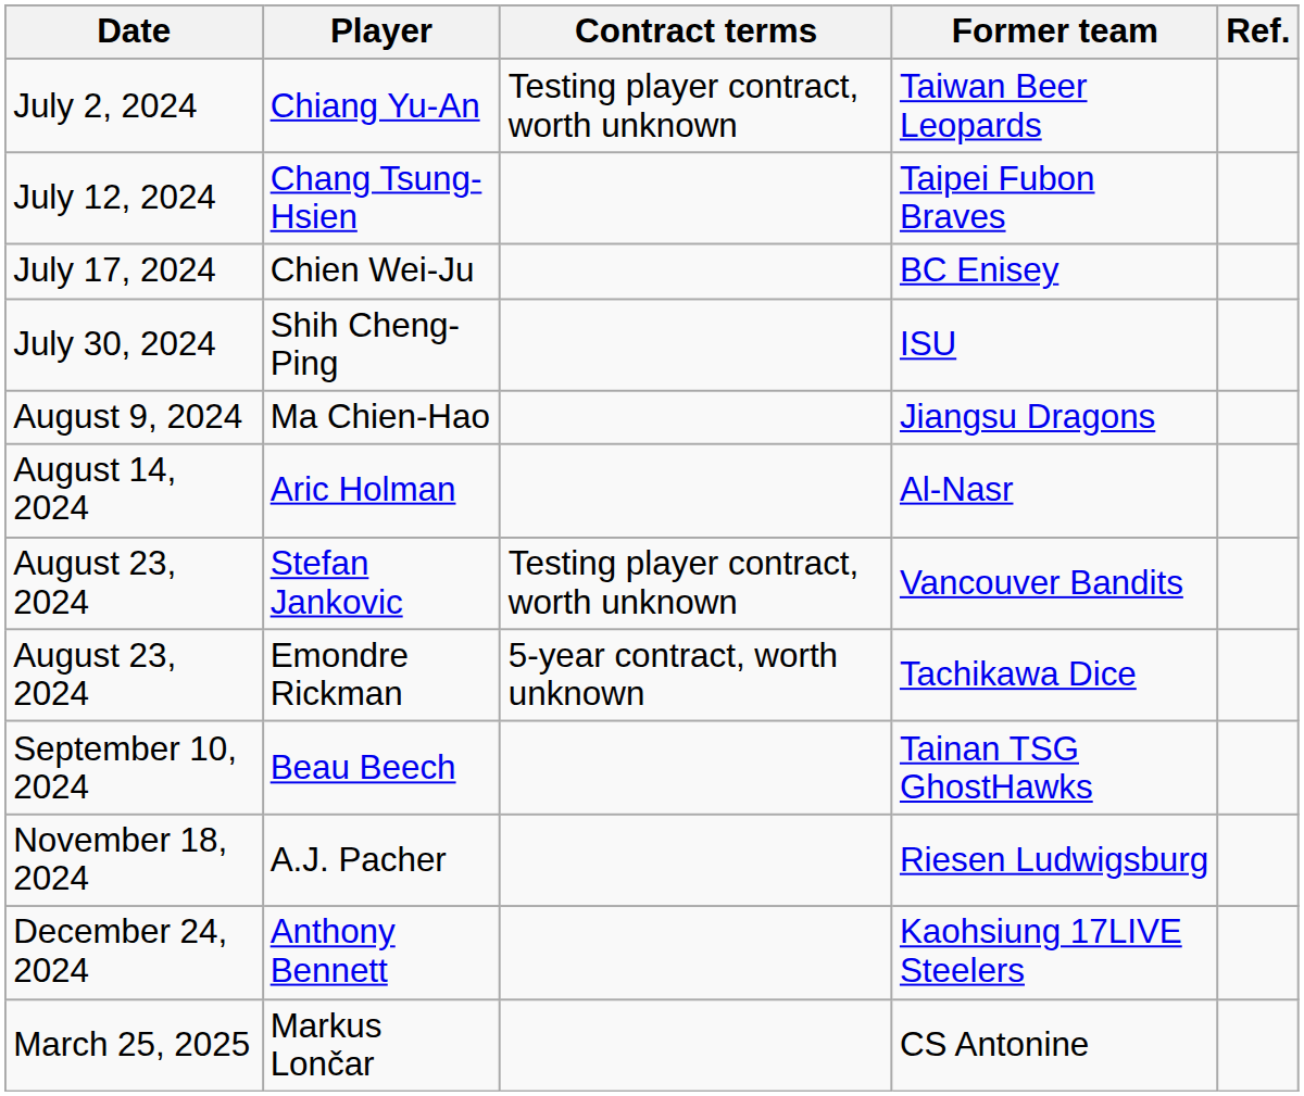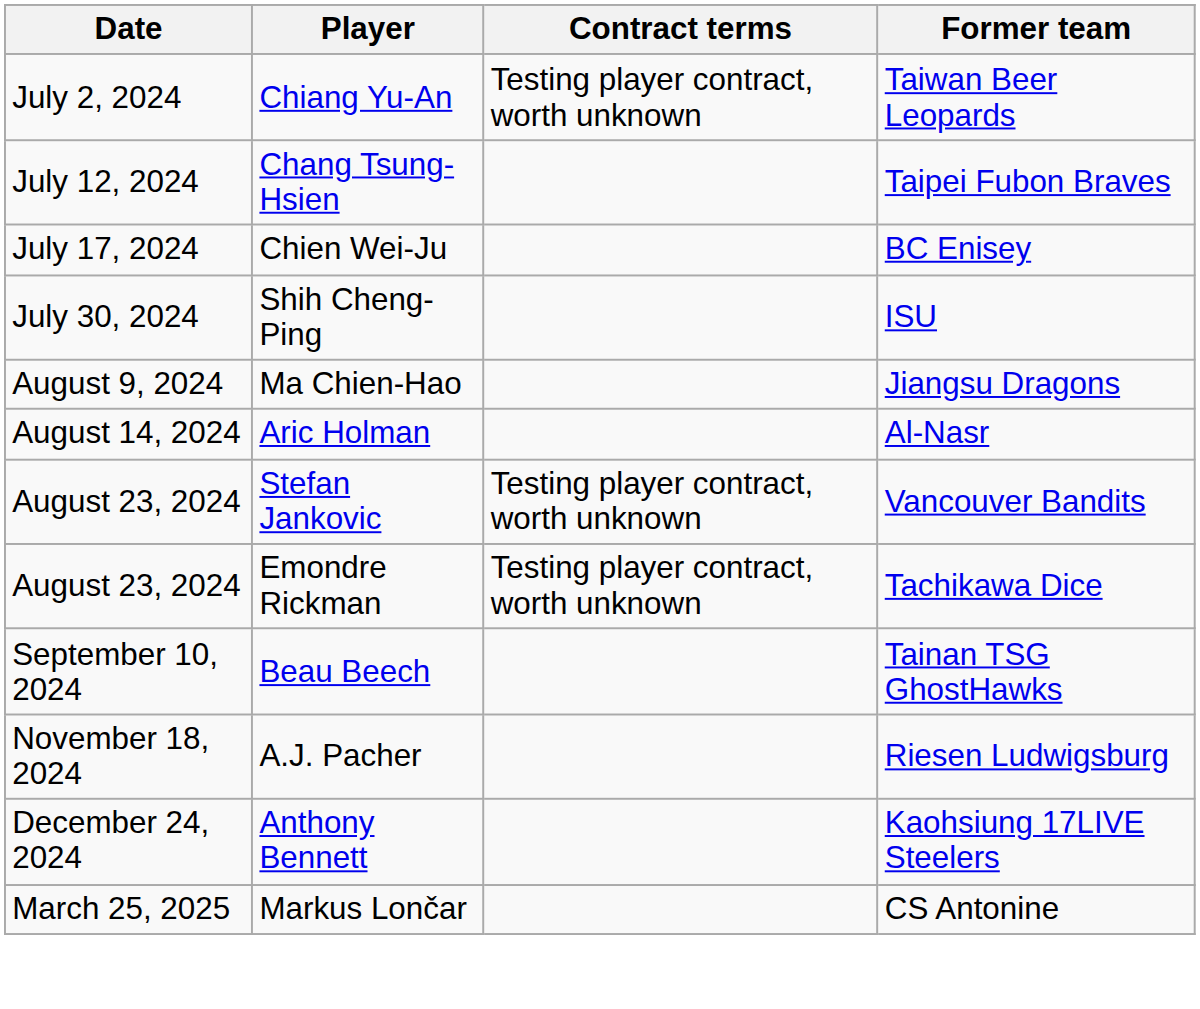 <table class="wikitable">
 <tr>
 <th>Date</th>
 <th>Player</th>
 <th>Contract terms</th>
 <th>Former team</th>
-<th>Ref.</th>
 </tr>
 <tr>
 <td>July 2, 2024</td>
 <td><a href='#'>Chiang Yu-An</a></td>
 <td>Testing player contract, worth unknown</td>
 <td> <a href='#'>Taiwan Beer Leopards</a></td>
-<td></td>
 </tr>
 <tr>
 <td>July 12, 2024</td>
 <td><a href='#'>Chang Tsung-Hsien</a></td>
 <td></td>
 <td> <a href='#'>Taipei Fubon Braves</a></td>
-<td></td>
 </tr>
 <tr>
 <td>July 17, 2024</td>
 <td>Chien Wei-Ju</td>
 <td></td>
 <td> <a href='#'>BC Enisey</a></td>
-<td></td>
 </tr>
 <tr>
 <td>July 30, 2024</td>
 <td>Shih Cheng-Ping</td>
 <td></td>
 <td> <a href='#'>ISU</a></td>
-<td></td>
 </tr>
 <tr>
 <td>August 9, 2024</td>
 <td>Ma Chien-Hao</td>
 <td></td>
 <td> <a href='#'>Jiangsu Dragons</a></td>
-<td></td>
 </tr>
 <tr>
 <td>August 14, 2024</td>
 <td><a href='#'>Aric Holman</a></td>
 <td></td>
 <td> <a href='#'>Al-Nasr</a></td>
-<td></td>
 </tr>
 <tr>
 <td>August 23, 2024</td>
 <td><a href='#'>Stefan Jankovic</a></td>
 <td>Testing player contract, worth unknown</td>
 <td> <a href='#'>Vancouver Bandits</a></td>
-<td></td>
 </tr>
 <tr>
 <td>August 23, 2024</td>
 <td>Emondre Rickman</td>
-<td>5-year contract, worth unknown</td>
+<td>Testing player contract, worth unknown</td>
 <td> <a href='#'>Tachikawa Dice</a></td>
-<td></td>
 </tr>
 <tr>
 <td>September 10, 2024</td>
 <td><a href='#'>Beau Beech</a></td>
 <td></td>
 <td> <a href='#'>Tainan TSG GhostHawks</a></td>
-<td></td>
 </tr>
 <tr>
 <td>November 18, 2024</td>
 <td>A.J. Pacher</td>
 <td></td>
 <td> <a href='#'>Riesen Ludwigsburg</a></td>
-<td></td>
 </tr>
 <tr>
 <td>December 24, 2024</td>
 <td><a href='#'>Anthony Bennett</a></td>
 <td></td>
 <td> <a href='#'>Kaohsiung 17LIVE Steelers</a></td>
-<td></td>
 </tr>
 <tr>
 <td>March 25, 2025</td>
 <td>Markus Lončar</td>
 <td></td>
 <td> CS Antonine</td>
-<td></td>
 </tr>
 </table>
